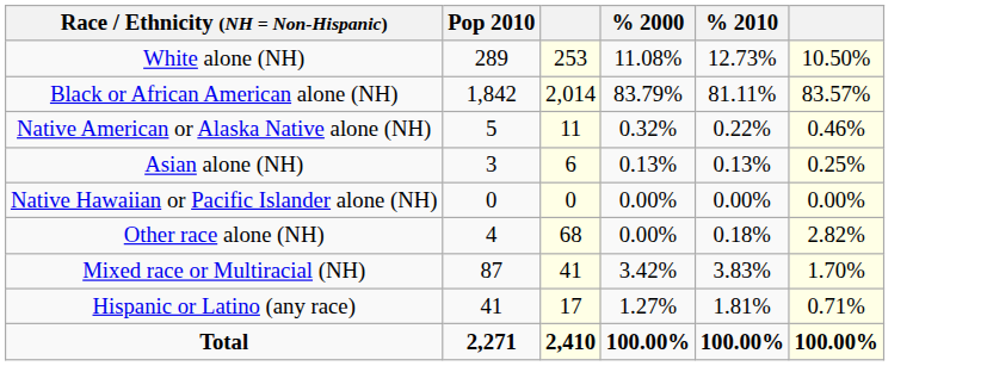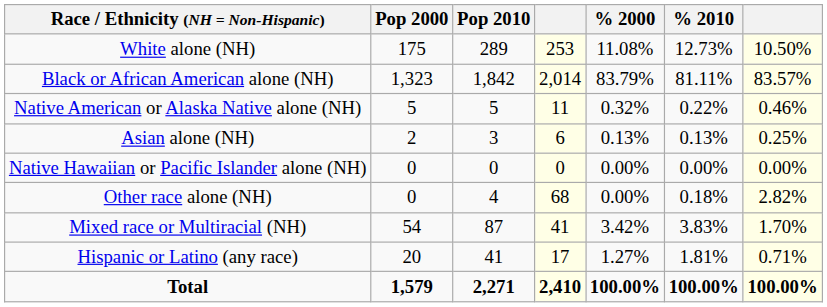 <table class="wikitable" style="text-align:center;">
 <tr>
 <th>Race / Ethnicity <small>(<em>NH = Non-Hispanic</em>)</small></th>
+<th>Pop 2000</th>
 <th>Pop 2010</th>
 <th></th>
 <th>% 2000</th>
 <th>% 2010</th>
 <th></th>
 </tr>
 <tr>
 <td><a href='#'>White</a> alone (NH)</td>
+<td>175</td>
 <td>289</td>
 <td style='background: #ffffe6;'>253</td>
 <td>11.08%</td>
 <td>12.73%</td>
 <td style='background: #ffffe6;'>10.50%</td>
 </tr>
 <tr>
 <td><a href='#'>Black or African American</a> alone (NH)</td>
+<td>1,323</td>
 <td>1,842</td>
 <td style='background: #ffffe6;'>2,014</td>
 <td>83.79%</td>
 <td>81.11%</td>
 <td style='background: #ffffe6;'>83.57%</td>
 </tr>
 <tr>
 <td><a href='#'>Native American</a> or <a href='#'>Alaska Native</a> alone (NH)</td>
 <td>5</td>
+<td>5</td>
 <td style='background: #ffffe6;'>11</td>
 <td>0.32%</td>
 <td>0.22%</td>
 <td style='background: #ffffe6;'>0.46%</td>
 </tr>
 <tr>
 <td><a href='#'>Asian</a> alone (NH)</td>
+<td>2</td>
 <td>3</td>
 <td style='background: #ffffe6;'>6</td>
 <td>0.13%</td>
 <td>0.13%</td>
 <td style='background: #ffffe6;'>0.25%</td>
 </tr>
 <tr>
 <td><a href='#'>Native Hawaiian</a> or <a href='#'>Pacific Islander</a> alone (NH)</td>
 <td>0</td>
+<td>0</td>
 <td style='background: #ffffe6;'>0</td>
 <td>0.00%</td>
 <td>0.00%</td>
 <td style='background: #ffffe6;'>0.00%</td>
 </tr>
 <tr>
 <td><a href='#'>Other race</a> alone (NH)</td>
+<td>0</td>
 <td>4</td>
 <td style='background: #ffffe6;'>68</td>
 <td>0.00%</td>
 <td>0.18%</td>
 <td style='background: #ffffe6;'>2.82%</td>
 </tr>
 <tr>
 <td><a href='#'>Mixed race or Multiracial</a> (NH)</td>
+<td>54</td>
 <td>87</td>
 <td style='background: #ffffe6;'>41</td>
 <td>3.42%</td>
 <td>3.83%</td>
 <td style='background: #ffffe6;'>1.70%</td>
 </tr>
 <tr>
 <td><a href='#'>Hispanic or Latino</a> (any race)</td>
+<td>20</td>
 <td>41</td>
 <td style='background: #ffffe6;'>17</td>
 <td>1.27%</td>
 <td>1.81%</td>
 <td style='background: #ffffe6;'>0.71%</td>
 </tr>
 <tr>
 <td><strong>Total</strong></td>
+<td><strong>1,579</strong></td>
 <td><strong>2,271</strong></td>
 <td style='background: #ffffe6;'><strong>2,410</strong></td>
 <td><strong>100.00%</strong></td>
 <td><strong>100.00%</strong></td>
 <td style='background: #ffffe6;'><strong>100.00%</strong></td>
 </tr>
 </table>
